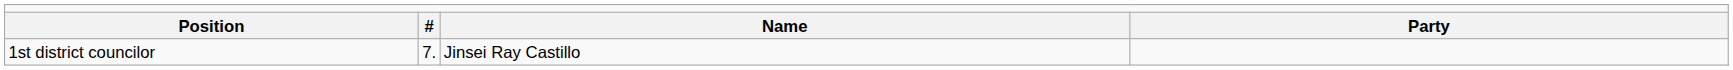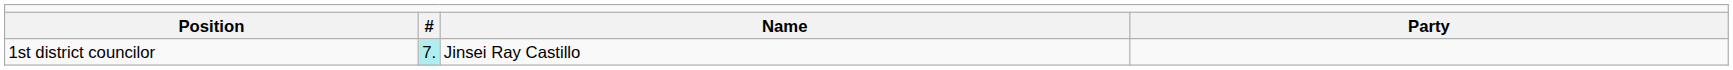 <table class=wikitable style="font-size:95%" width=99%>
 <tr>
 <td colspan="5"></td>
 </tr>
 <tr>
 <th width=24%>Position</th>
 <th width=1%>#</th>
 <th width=40%>Name</th>
 <th colspan=2>Party</th>
 </tr>
 <tr>
 <td>1st district councilor</td>
-<td>7.</td>
+<td style="background: paleturquoise;">7.</td>
 <td>Jinsei Ray Castillo</td>
 <td></td>
 </tr>
 </table>
